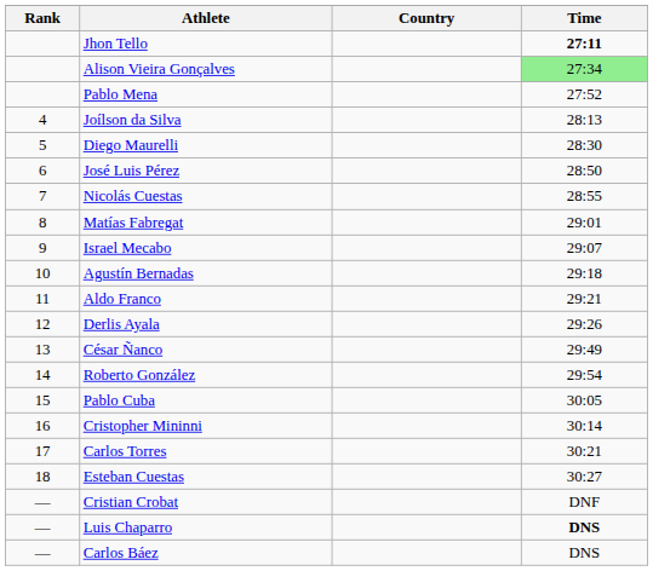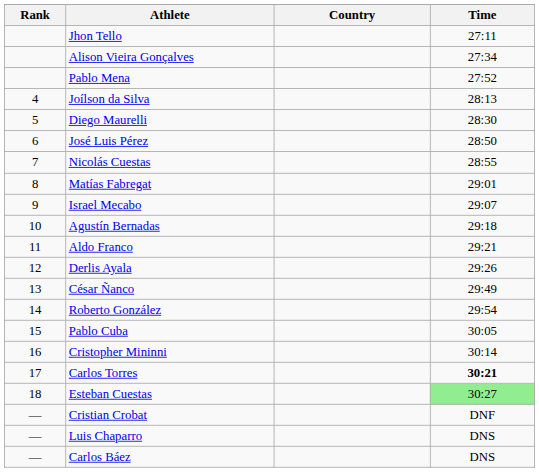 <table class="wikitable sortable" style=" text-align:center; font-size:95%;" width="50%">
 <tr>
 </tr>
 <tr>
 <th width=5%>Rank</th>
 <th width=20%>Athlete</th>
 <th width=15%>Country</th>
 <th width=10%>Time</th>
 </tr>
 <tr>
 <td align=center></td>
 <td align=left><a href='#'>Jhon Tello</a></td>
 <td align=left></td>
-<td><strong>27:11</strong></td>
+<td>27:11</td>
 </tr>
 <tr>
 <td align=center></td>
 <td align=left><a href='#'>Alison Vieira Gonçalves</a></td>
 <td align=left></td>
-<td style="background: lightgreen;">27:34</td>
+<td>27:34</td>
 </tr>
 <tr>
 <td align=center></td>
 <td align=left><a href='#'>Pablo Mena</a></td>
 <td align=left></td>
 <td>27:52</td>
 </tr>
 <tr>
 <td align=center>4</td>
 <td align=left><a href='#'>Joílson da Silva</a></td>
 <td align=left></td>
 <td>28:13</td>
 </tr>
 <tr>
 <td align=center>5</td>
 <td align=left><a href='#'>Diego Maurelli</a></td>
 <td align=left></td>
 <td>28:30</td>
 </tr>
 <tr>
 <td align=center>6</td>
 <td align=left><a href='#'>José Luis Pérez</a></td>
 <td align=left></td>
 <td>28:50</td>
 </tr>
 <tr>
 <td align=center>7</td>
 <td align=left><a href='#'>Nicolás Cuestas</a></td>
 <td align=left></td>
 <td>28:55</td>
 </tr>
 <tr>
 <td align=center>8</td>
 <td align=left><a href='#'>Matías Fabregat</a></td>
 <td align=left></td>
 <td>29:01</td>
 </tr>
 <tr>
 <td align=center>9</td>
 <td align=left><a href='#'>Israel Mecabo</a></td>
 <td align=left></td>
 <td>29:07</td>
 </tr>
 <tr>
 <td align=center>10</td>
 <td align=left><a href='#'>Agustín Bernadas</a></td>
 <td align=left></td>
 <td>29:18</td>
 </tr>
 <tr>
 <td align=center>11</td>
 <td align=left><a href='#'>Aldo Franco</a></td>
 <td align=left></td>
 <td>29:21</td>
 </tr>
 <tr>
 <td align=center>12</td>
 <td align=left><a href='#'>Derlis Ayala</a></td>
 <td align=left></td>
 <td>29:26</td>
 </tr>
 <tr>
 <td align=center>13</td>
 <td align=left><a href='#'>César Ñanco</a></td>
 <td align=left></td>
 <td>29:49</td>
 </tr>
 <tr>
 <td align=center>14</td>
 <td align=left><a href='#'>Roberto González</a></td>
 <td align=left></td>
 <td>29:54</td>
 </tr>
 <tr>
 <td align=center>15</td>
 <td align=left><a href='#'>Pablo Cuba</a></td>
 <td align=left></td>
 <td>30:05</td>
 </tr>
 <tr>
 <td align=center>16</td>
 <td align=left><a href='#'>Cristopher Mininni</a></td>
 <td align=left></td>
 <td>30:14</td>
 </tr>
 <tr>
 <td align=center>17</td>
 <td align=left><a href='#'>Carlos Torres</a></td>
 <td align=left></td>
-<td>30:21</td>
+<td><strong>30:21</strong></td>
 </tr>
 <tr>
 <td align=center>18</td>
 <td align=left><a href='#'>Esteban Cuestas</a></td>
 <td align=left></td>
-<td>30:27</td>
+<td style="background: lightgreen;">30:27</td>
 </tr>
 <tr>
 <td align=center>—</td>
 <td align=left><a href='#'>Cristian Crobat</a></td>
 <td align=left></td>
 <td>DNF</td>
 </tr>
 <tr>
 <td align=center>—</td>
 <td align=left><a href='#'>Luis Chaparro</a></td>
 <td align=left></td>
-<td><strong>DNS</strong></td>
+<td>DNS</td>
 </tr>
 <tr>
 <td align=center>—</td>
 <td align=left><a href='#'>Carlos Báez</a></td>
 <td align=left></td>
 <td>DNS</td>
 </tr>
 </table>
